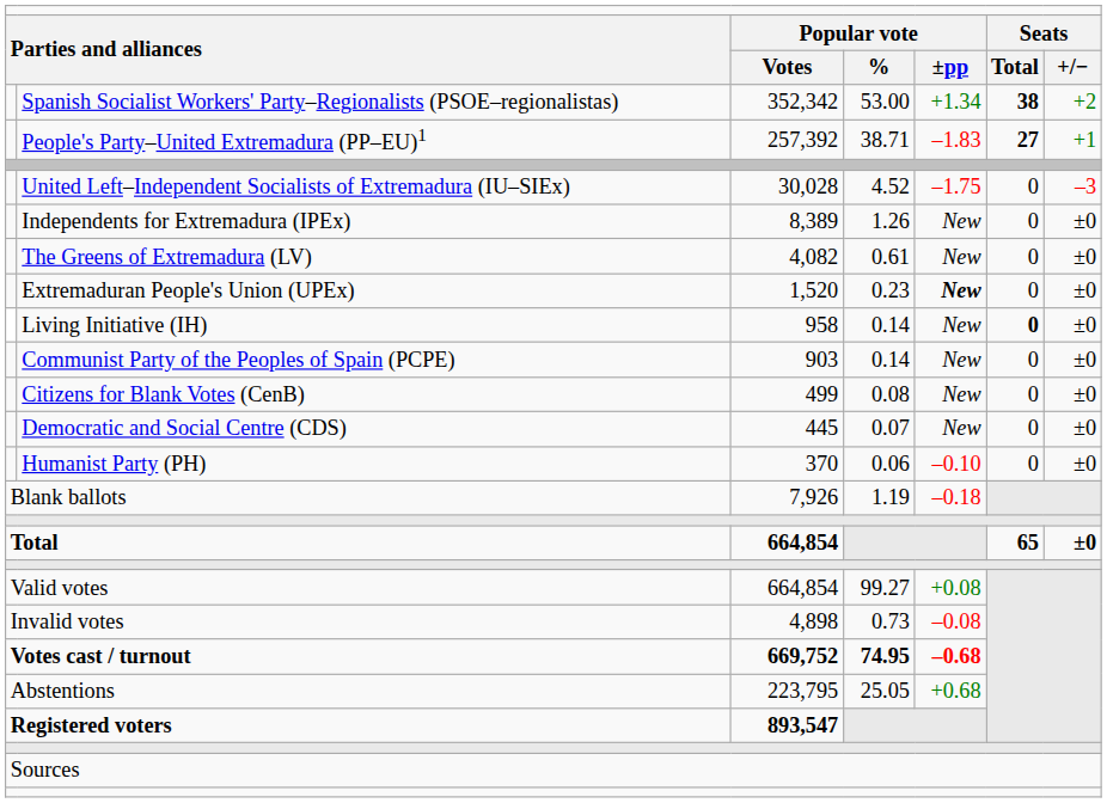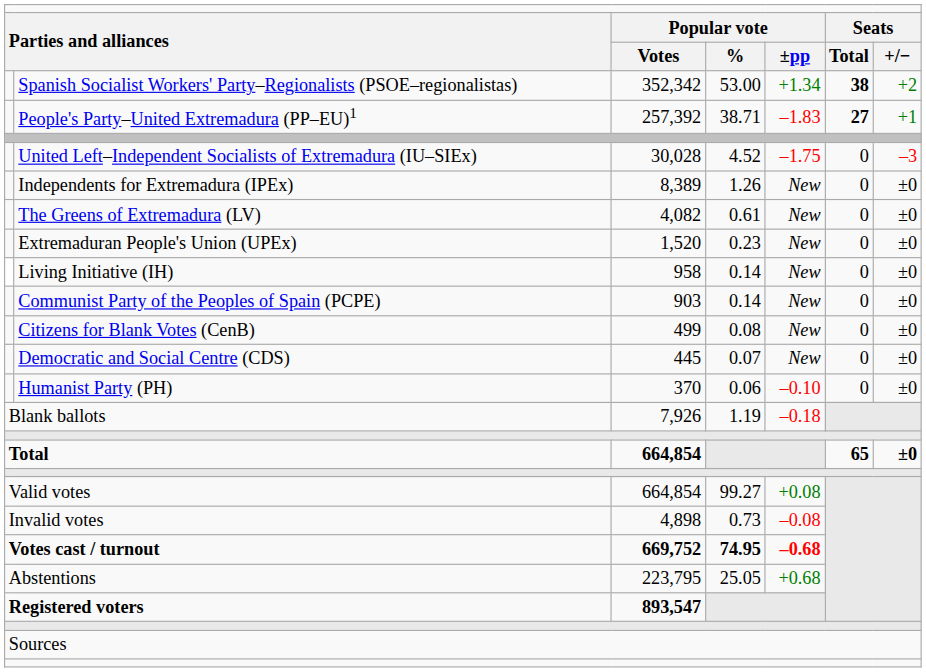 <table class="wikitable" style="text-align:right;">
 <tr>
 <td colspan="7"></td>
 </tr>
 <tr>
 <th style="text-align:left;" rowspan="2" colspan="2" width="525">Parties and alliances</th>
 <th colspan="3">Popular vote</th>
 <th colspan="2">Seats</th>
 </tr>
 <tr>
 <th width="75">Votes</th>
 <th width="45">%</th>
 <th width="45">±<a href='#'>pp</a></th>
 <th width="35">Total</th>
 <th width="35">+/−</th>
 </tr>
 <tr>
 <td width="1" style="color:inherit;background:"></td>
 <td align="left"><a href='#'>Spanish Socialist Workers' Party</a>–<a href='#'>Regionalists</a> (PSOE–regionalistas)</td>
 <td>352,342</td>
 <td>53.00</td>
 <td style="color:green;">+1.34</td>
 <td><strong>38</strong></td>
 <td style="color:green;">+2</td>
 </tr>
 <tr>
 <td style="color:inherit;background:"></td>
 <td align="left"><a href='#'>People's Party</a>–<a href='#'>United Extremadura</a> (PP–EU)<sup>1</sup></td>
 <td>257,392</td>
 <td>38.71</td>
 <td style="color:red;">–1.83</td>
 <td><strong>27</strong></td>
 <td style="color:green;">+1</td>
 </tr>
 <tr>
 <td colspan="7" bgcolor="#C0C0C0"></td>
 </tr>
 <tr>
 <td style="color:inherit;background:"></td>
 <td align="left"><a href='#'>United Left</a>–<a href='#'>Independent Socialists of Extremadura</a> (IU–SIEx)</td>
 <td>30,028</td>
 <td>4.52</td>
 <td style="color:red;">–1.75</td>
 <td>0</td>
 <td style="color:red;">–3</td>
 </tr>
 <tr>
 <td style="color:inherit;background:"></td>
 <td align="left">Independents for Extremadura (IPEx)</td>
 <td>8,389</td>
 <td>1.26</td>
 <td><em>New</em></td>
 <td>0</td>
 <td>±0</td>
 </tr>
 <tr>
 <td style="color:inherit;background:"></td>
 <td align="left"><a href='#'>The Greens of Extremadura</a> (LV)</td>
 <td>4,082</td>
 <td>0.61</td>
 <td><em>New</em></td>
 <td>0</td>
 <td>±0</td>
 </tr>
 <tr>
 <td style="color:inherit;background:"></td>
 <td align="left">Extremaduran People's Union (UPEx)</td>
 <td>1,520</td>
 <td>0.23</td>
-<td><strong><em>New</em></strong></td>
+<td><em>New</em></td>
 <td>0</td>
 <td>±0</td>
 </tr>
 <tr>
 <td bgcolor="white"></td>
 <td align="left">Living Initiative (IH)</td>
 <td>958</td>
 <td>0.14</td>
 <td><em>New</em></td>
-<td><strong>0</strong></td>
+<td>0</td>
 <td>±0</td>
 </tr>
 <tr>
 <td style="color:inherit;background:"></td>
 <td align="left"><a href='#'>Communist Party of the Peoples of Spain</a> (PCPE)</td>
 <td>903</td>
 <td>0.14</td>
 <td><em>New</em></td>
 <td>0</td>
 <td>±0</td>
 </tr>
 <tr>
 <td style="color:inherit;background:"></td>
 <td align="left"><a href='#'>Citizens for Blank Votes</a> (CenB)</td>
 <td>499</td>
 <td>0.08</td>
 <td><em>New</em></td>
 <td>0</td>
 <td>±0</td>
 </tr>
 <tr>
 <td style="color:inherit;background:"></td>
 <td align="left"><a href='#'>Democratic and Social Centre</a> (CDS)</td>
 <td>445</td>
 <td>0.07</td>
 <td><em>New</em></td>
 <td>0</td>
 <td>±0</td>
 </tr>
 <tr>
 <td style="color:inherit;background:"></td>
 <td align="left"><a href='#'>Humanist Party</a> (PH)</td>
 <td>370</td>
 <td>0.06</td>
 <td style="color:red;">–0.10</td>
 <td>0</td>
 <td>±0</td>
 </tr>
 <tr>
 <td align="left" colspan="2">Blank ballots</td>
 <td>7,926</td>
 <td>1.19</td>
 <td style="color:red;">–0.18</td>
 <td bgcolor="#E9E9E9" colspan="2"></td>
 </tr>
 <tr>
 <td colspan="7" bgcolor="#E9E9E9"></td>
 </tr>
 <tr style="font-weight:bold;">
 <td align="left" colspan="2">Total</td>
 <td>664,854</td>
 <td bgcolor="#E9E9E9" colspan="2"></td>
 <td>65</td>
 <td>±0</td>
 </tr>
 <tr>
 <td colspan="7" bgcolor="#E9E9E9"></td>
 </tr>
 <tr>
 <td align="left" colspan="2">Valid votes</td>
 <td>664,854</td>
 <td>99.27</td>
 <td style="color:green;">+0.08</td>
 <td bgcolor="#E9E9E9" colspan="2" rowspan="5"></td>
 </tr>
 <tr>
 <td align="left" colspan="2">Invalid votes</td>
 <td>4,898</td>
 <td>0.73</td>
 <td style="color:red;">–0.08</td>
 </tr>
 <tr style="font-weight:bold;">
 <td align="left" colspan="2">Votes cast / turnout</td>
 <td>669,752</td>
 <td>74.95</td>
 <td style="color:red;">–0.68</td>
 </tr>
 <tr>
 <td align="left" colspan="2">Abstentions</td>
 <td>223,795</td>
 <td>25.05</td>
 <td style="color:green;">+0.68</td>
 </tr>
 <tr style="font-weight:bold;">
 <td align="left" colspan="2">Registered voters</td>
 <td>893,547</td>
 <td bgcolor="#E9E9E9" colspan="2"></td>
 </tr>
 <tr>
 <td colspan="7" bgcolor="#E9E9E9"></td>
 </tr>
 <tr>
 <td align="left" colspan="7">Sources</td>
 </tr>
 <tr>
 <td colspan="7" style="text-align:left; max-width:790px;"></td>
 </tr>
 </table>
